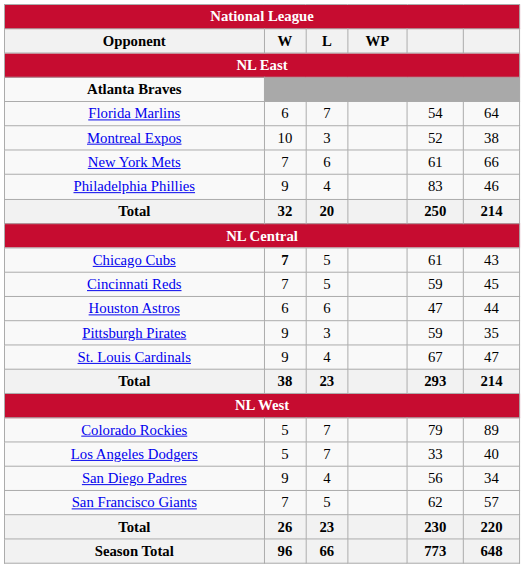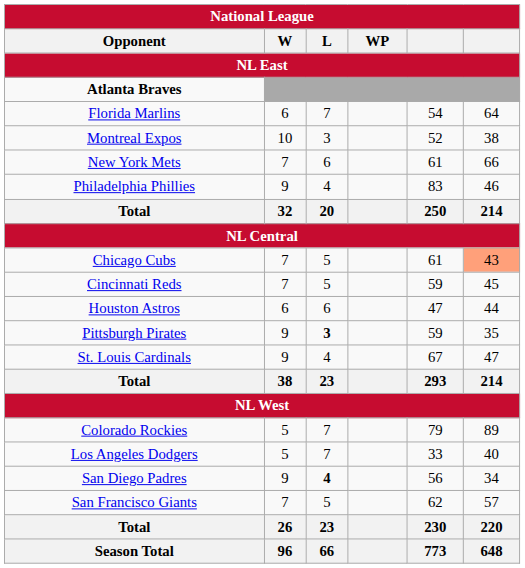 <table class="wikitable" style="margin:1em auto; font-size:95%; text-align:center; width:35em;">
 <tr>
 <th colspan="7" style="background:#c60c30; color:#ffffff;">National League</th>
 </tr>
 <tr>
 <th>Opponent</th>
 <th>W</th>
 <th>L</th>
 <th>WP</th>
 <th></th>
 <th></th>
 </tr>
 <tr>
 <th colspan="7" style="background:#c60c30; color:#ffffff;">NL East</th>
 </tr>
 <tr>
 <td><strong>Atlanta Braves</strong></td>
 <td colspan=5 style="background:darkgray;"></td>
 </tr>
 <tr>
 <td><a href='#'>Florida Marlins</a></td>
 <td>6</td>
 <td>7</td>
 <td></td>
 <td>54</td>
 <td>64</td>
 </tr>
 <tr>
 <td><a href='#'>Montreal Expos</a></td>
 <td>10</td>
 <td>3</td>
 <td></td>
 <td>52</td>
 <td>38</td>
 </tr>
 <tr>
 <td><a href='#'>New York Mets</a></td>
 <td>7</td>
 <td>6</td>
 <td></td>
 <td>61</td>
 <td>66</td>
 </tr>
 <tr>
 <td><a href='#'>Philadelphia Phillies</a></td>
 <td>9</td>
 <td>4</td>
 <td></td>
 <td>83</td>
 <td>46</td>
 </tr>
 <tr>
 <th>Total</th>
 <th>32</th>
 <th>20</th>
 <th></th>
 <th>250</th>
 <th>214</th>
 </tr>
 <tr>
 <th colspan="7" style="background:#c60c30; color:#ffffff;">NL Central</th>
 </tr>
 <tr>
 <td><a href='#'>Chicago Cubs</a></td>
-<td><strong>7</strong></td>
+<td>7</td>
 <td>5</td>
 <td></td>
 <td>61</td>
-<td>43</td>
+<td style="background: lightsalmon;">43</td>
 </tr>
 <tr>
 <td><a href='#'>Cincinnati Reds</a></td>
 <td>7</td>
 <td>5</td>
 <td></td>
 <td>59</td>
 <td>45</td>
 </tr>
 <tr>
 <td><a href='#'>Houston Astros</a></td>
 <td>6</td>
 <td>6</td>
 <td></td>
 <td>47</td>
 <td>44</td>
 </tr>
 <tr>
 <td><a href='#'>Pittsburgh Pirates</a></td>
 <td>9</td>
-<td>3</td>
+<td><strong>3</strong></td>
 <td></td>
 <td>59</td>
 <td>35</td>
 </tr>
 <tr>
 <td><a href='#'>St. Louis Cardinals</a></td>
 <td>9</td>
 <td>4</td>
 <td></td>
 <td>67</td>
 <td>47</td>
 </tr>
 <tr>
 <th>Total</th>
 <th>38</th>
 <th>23</th>
 <th></th>
 <th>293</th>
 <th>214</th>
 </tr>
 <tr>
 <th colspan="7" style="background:#c60c30; color:#ffffff;">NL West</th>
 </tr>
 <tr>
 <td><a href='#'>Colorado Rockies</a></td>
 <td>5</td>
 <td>7</td>
 <td></td>
 <td>79</td>
 <td>89</td>
 </tr>
 <tr>
 <td><a href='#'>Los Angeles Dodgers</a></td>
 <td>5</td>
 <td>7</td>
 <td></td>
 <td>33</td>
 <td>40</td>
 </tr>
 <tr>
 <td><a href='#'>San Diego Padres</a></td>
 <td>9</td>
-<td>4</td>
+<td><strong>4</strong></td>
 <td></td>
 <td>56</td>
 <td>34</td>
 </tr>
 <tr>
 <td><a href='#'>San Francisco Giants</a></td>
 <td>7</td>
 <td>5</td>
 <td></td>
 <td>62</td>
 <td>57</td>
 </tr>
 <tr>
 <th>Total</th>
 <th>26</th>
 <th>23</th>
 <th></th>
 <th>230</th>
 <th>220</th>
 </tr>
 <tr>
 <th>Season Total</th>
 <th>96</th>
 <th>66</th>
 <th></th>
 <th>773</th>
 <th>648</th>
 </tr>
 </table>
